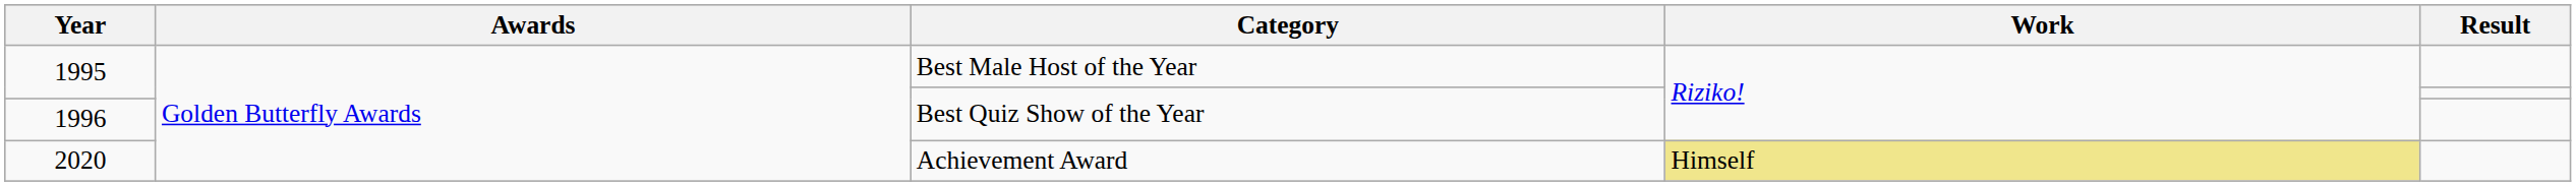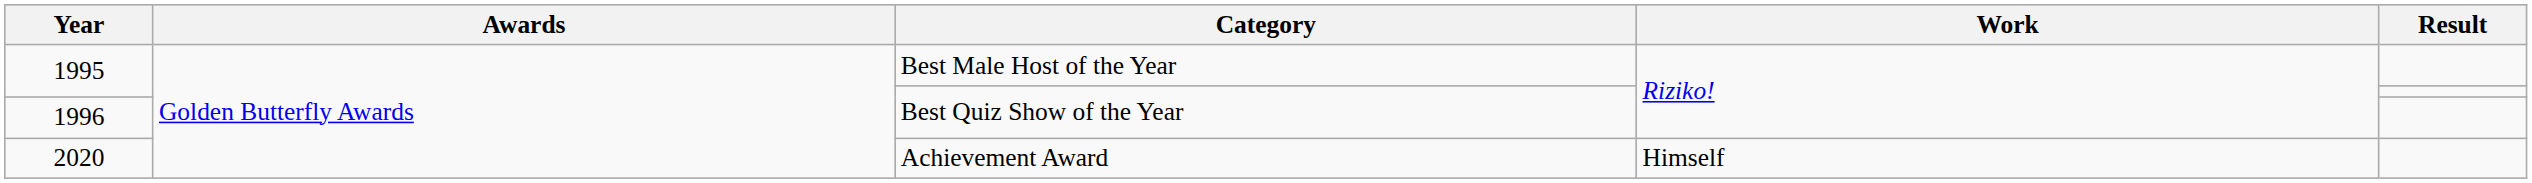 <table class="wikitable" width="80%" cellpadding="8" style="font-size: 100%">
 <tr>
 <th width="5%">Year</th>
 <th width="25%">Awards</th>
 <th width="25%">Category</th>
 <th width="25%">Work</th>
 <th width="5%">Result</th>
 </tr>
 <tr>
 <td style="text-align:center;" rowspan=2>1995</td>
 <td rowspan=4><a href='#'>Golden Butterfly Awards</a></td>
 <td>Best Male Host of the Year</td>
 <td rowspan=3><em><a href='#'>Riziko!</a></em></td>
 <td></td>
 </tr>
 <tr>
 <td rowspan=2>Best Quiz Show of the Year</td>
 <td></td>
 </tr>
 <tr>
 <td style="text-align:center;">1996</td>
 <td></td>
 </tr>
 <tr>
 <td style="text-align:center;">2020</td>
 <td>Achievement Award</td>
-<td style="background: khaki;">Himself</td>
+<td>Himself</td>
 <td></td>
 </tr>
 </table>
